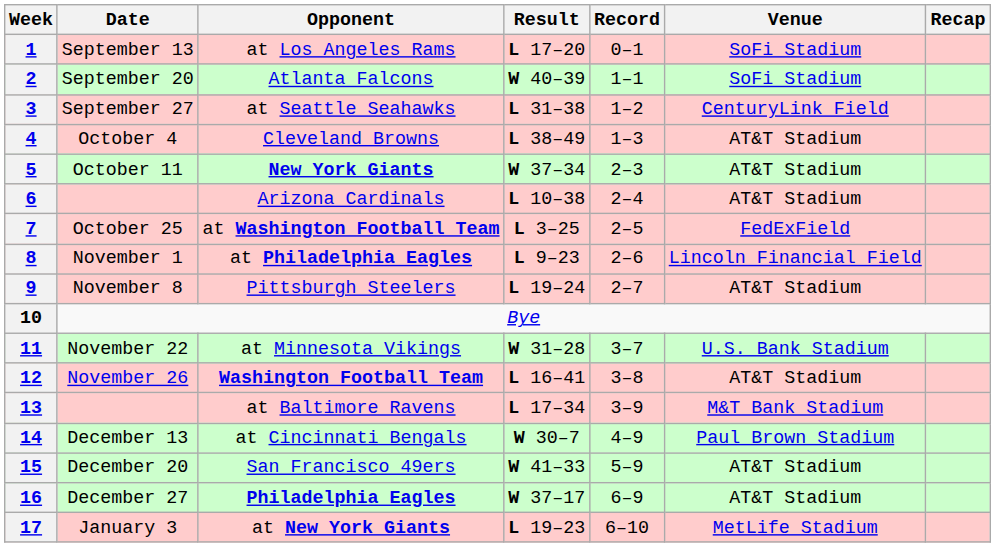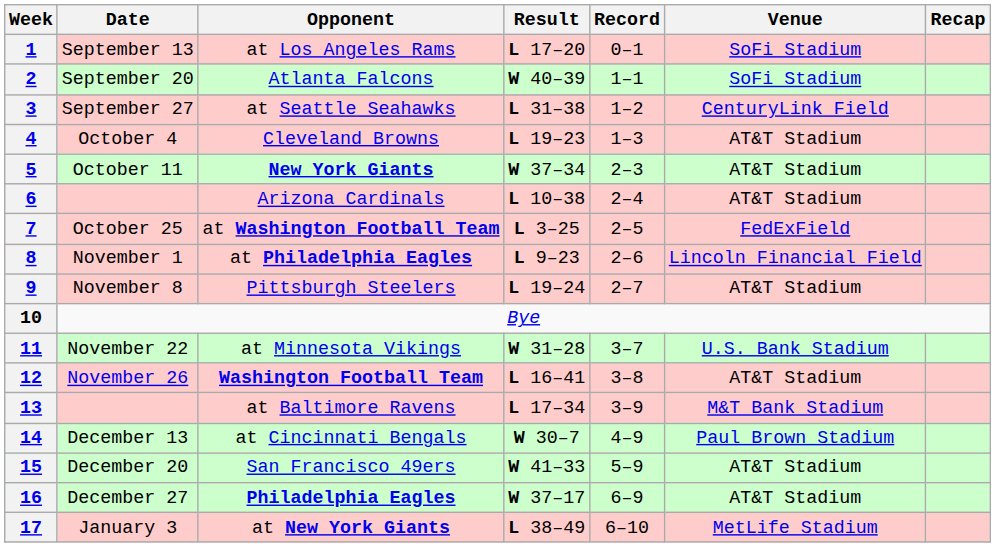 <table class="wikitable" style="text-align:center">
 <tr>
 <th>Week</th>
 <th>Date</th>
 <th>Opponent</th>
 <th>Result</th>
 <th>Record</th>
 <th>Venue</th>
 <th>Recap</th>
 </tr>
 <tr style="background:#fcc">
 <th><a href='#'>1</a></th>
 <td>September 13</td>
 <td>at <a href='#'>Los Angeles Rams</a></td>
 <td><strong>L</strong> 17–20</td>
 <td>0–1</td>
 <td><a href='#'>SoFi Stadium</a></td>
 <td></td>
 </tr>
 <tr style="background:#cfc">
 <th><a href='#'>2</a></th>
 <td>September 20</td>
 <td><a href='#'>Atlanta Falcons</a></td>
 <td><strong>W</strong> 40–39</td>
 <td>1–1</td>
 <td><a href='#'>SoFi Stadium</a></td>
 <td></td>
 </tr>
 <tr style="background:#fcc">
 <th><a href='#'>3</a></th>
 <td>September 27</td>
 <td>at <a href='#'>Seattle Seahawks</a></td>
 <td><strong>L</strong> 31–38</td>
 <td>1–2</td>
 <td><a href='#'>CenturyLink Field</a></td>
 <td></td>
 </tr>
 <tr style="background:#fcc">
 <th><a href='#'>4</a></th>
 <td>October 4</td>
 <td><a href='#'>Cleveland Browns</a></td>
-<td><strong>L</strong> 38–49</td>
+<td><strong>L</strong> 19–23</td>
 <td>1–3</td>
 <td>AT&T Stadium</td>
 <td></td>
 </tr>
 <tr style="background:#cfc">
 <th><a href='#'>5</a></th>
 <td>October 11</td>
 <td><strong><a href='#'>New York Giants</a></strong></td>
 <td><strong>W</strong> 37–34</td>
 <td>2–3</td>
 <td>AT&T Stadium</td>
 <td></td>
 </tr>
 <tr style="background:#fcc">
 <th><a href='#'>6</a></th>
 <td></td>
 <td><a href='#'>Arizona Cardinals</a></td>
 <td><strong>L</strong> 10–38</td>
 <td>2–4</td>
 <td>AT&T Stadium</td>
 <td></td>
 </tr>
 <tr style="background:#fcc">
 <th><a href='#'>7</a></th>
 <td>October 25</td>
 <td>at <strong><a href='#'>Washington Football Team</a></strong></td>
 <td><strong>L</strong> 3–25</td>
 <td>2–5</td>
 <td><a href='#'>FedExField</a></td>
 <td></td>
 </tr>
 <tr style="background:#fcc">
 <th><a href='#'>8</a></th>
 <td>November 1</td>
 <td>at <strong><a href='#'>Philadelphia Eagles</a></strong></td>
 <td><strong>L</strong> 9–23</td>
 <td>2–6</td>
 <td><a href='#'>Lincoln Financial Field</a></td>
 <td></td>
 </tr>
 <tr style="background:#fcc">
 <th><a href='#'>9</a></th>
 <td>November 8</td>
 <td><a href='#'>Pittsburgh Steelers</a></td>
 <td><strong>L</strong> 19–24</td>
 <td>2–7</td>
 <td>AT&T Stadium</td>
 <td></td>
 </tr>
 <tr>
 <th>10</th>
 <td colspan="6"><em><a href='#'>Bye</a></em></td>
 </tr>
 <tr style="background:#cfc">
 <th><a href='#'>11</a></th>
 <td>November 22</td>
 <td>at <a href='#'>Minnesota Vikings</a></td>
 <td><strong>W</strong> 31–28</td>
 <td>3–7</td>
 <td><a href='#'>U.S. Bank Stadium</a></td>
 <td></td>
 </tr>
 <tr style="background:#fcc">
 <th><a href='#'>12</a></th>
 <td><a href='#'>November 26</a></td>
 <td><strong><a href='#'>Washington Football Team</a></strong></td>
 <td><strong>L</strong> 16–41</td>
 <td>3–8</td>
 <td>AT&T Stadium</td>
 <td></td>
 </tr>
 <tr style="background:#fcc">
 <th><a href='#'>13</a></th>
 <td></td>
 <td>at <a href='#'>Baltimore Ravens</a></td>
 <td><strong>L</strong> 17–34</td>
 <td>3–9</td>
 <td><a href='#'>M&T Bank Stadium</a></td>
 <td></td>
 </tr>
 <tr style="background:#cfc">
 <th><a href='#'>14</a></th>
 <td>December 13</td>
 <td>at <a href='#'>Cincinnati Bengals</a></td>
 <td><strong>W</strong> 30–7</td>
 <td>4–9</td>
 <td><a href='#'>Paul Brown Stadium</a></td>
 <td></td>
 </tr>
 <tr style="background:#cfc">
 <th><a href='#'>15</a></th>
 <td>December 20</td>
 <td><a href='#'>San Francisco 49ers</a></td>
 <td><strong>W</strong> 41–33</td>
 <td>5–9</td>
 <td>AT&T Stadium</td>
 <td></td>
 </tr>
 <tr style="background:#cfc">
 <th><a href='#'>16</a></th>
 <td>December 27</td>
 <td><strong><a href='#'>Philadelphia Eagles</a></strong></td>
 <td><strong>W</strong> 37–17</td>
 <td>6–9</td>
 <td>AT&T Stadium</td>
 <td></td>
 </tr>
 <tr style="background:#fcc">
 <th><a href='#'>17</a></th>
 <td>January 3</td>
 <td>at <strong><a href='#'>New York Giants</a></strong></td>
-<td><strong>L</strong> 19–23</td>
+<td><strong>L</strong> 38–49</td>
 <td>6–10</td>
 <td><a href='#'>MetLife Stadium</a></td>
 <td></td>
 </tr>
 </table>
